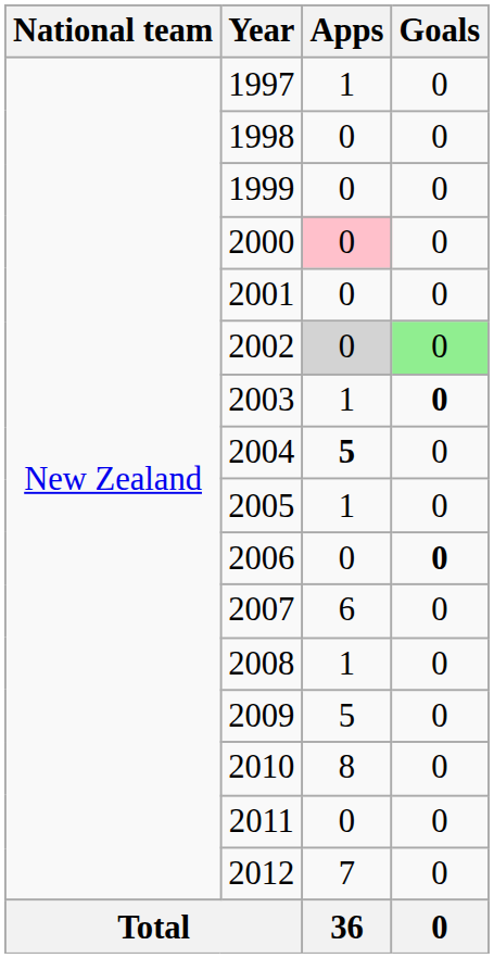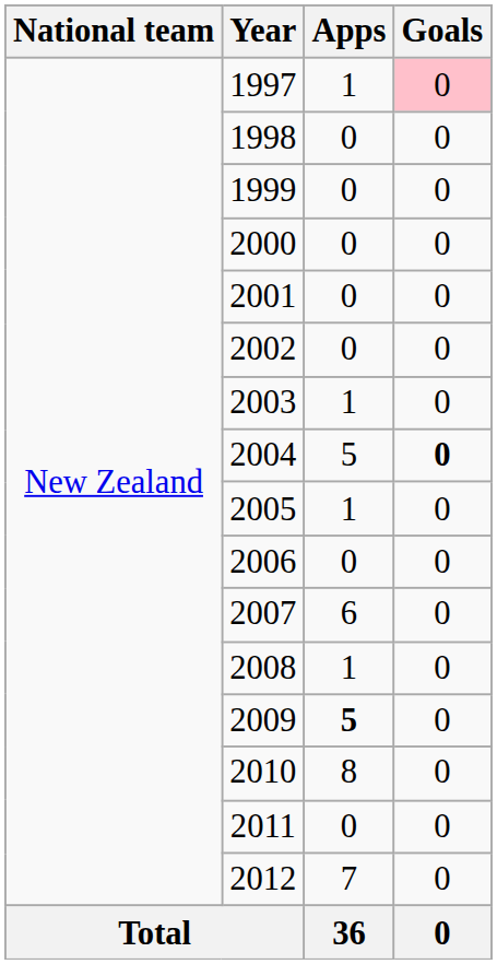 <table class="wikitable" style="text-align:center">
 <tr>
 <th>National team</th>
 <th>Year</th>
 <th>Apps</th>
 <th>Goals</th>
 </tr>
 <tr>
 <td rowspan="16"><a href='#'>New Zealand</a></td>
 <td>1997</td>
 <td>1</td>
-<td>0</td>
+<td style="background: pink;">0</td>
 </tr>
 <tr>
 <td>1998</td>
 <td>0</td>
 <td>0</td>
 </tr>
 <tr>
 <td>1999</td>
 <td>0</td>
 <td>0</td>
 </tr>
 <tr>
 <td>2000</td>
-<td style="background: pink;">0</td>
+<td>0</td>
 <td>0</td>
 </tr>
 <tr>
 <td>2001</td>
 <td>0</td>
 <td>0</td>
 </tr>
 <tr>
 <td>2002</td>
-<td style="background: lightgrey;">0</td>
-<td style="background: lightgreen;">0</td>
+<td>0</td>
+<td>0</td>
 </tr>
 <tr>
 <td>2003</td>
 <td>1</td>
-<td><strong>0</strong></td>
+<td>0</td>
 </tr>
 <tr>
 <td>2004</td>
-<td><strong>5</strong></td>
-<td>0</td>
+<td>5</td>
+<td><strong>0</strong></td>
 </tr>
 <tr>
 <td>2005</td>
 <td>1</td>
 <td>0</td>
 </tr>
 <tr>
 <td>2006</td>
 <td>0</td>
-<td><strong>0</strong></td>
+<td>0</td>
 </tr>
 <tr>
 <td>2007</td>
 <td>6</td>
 <td>0</td>
 </tr>
 <tr>
 <td>2008</td>
 <td>1</td>
 <td>0</td>
 </tr>
 <tr>
 <td>2009</td>
-<td>5</td>
+<td><strong>5</strong></td>
 <td>0</td>
 </tr>
 <tr>
 <td>2010</td>
 <td>8</td>
 <td>0</td>
 </tr>
 <tr>
 <td>2011</td>
 <td>0</td>
 <td>0</td>
 </tr>
 <tr>
 <td>2012</td>
 <td>7</td>
 <td>0</td>
 </tr>
 <tr>
 <th colspan="2">Total</th>
 <th>36</th>
 <th>0</th>
 </tr>
 </table>
